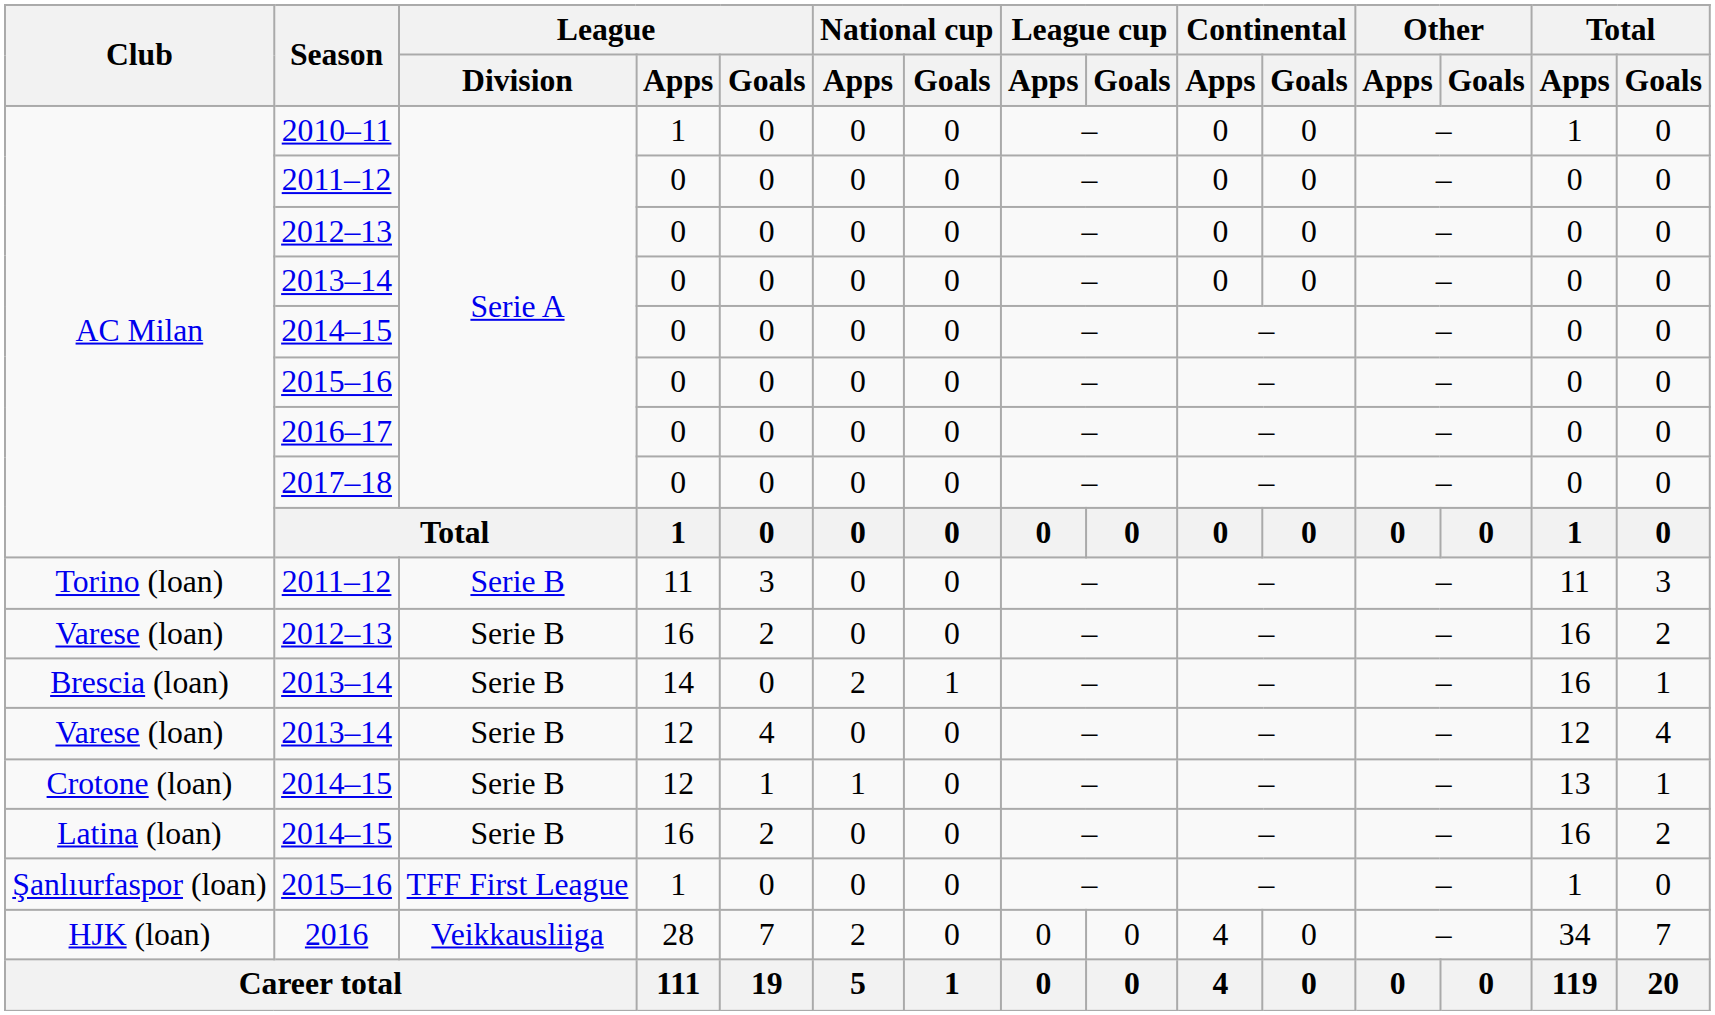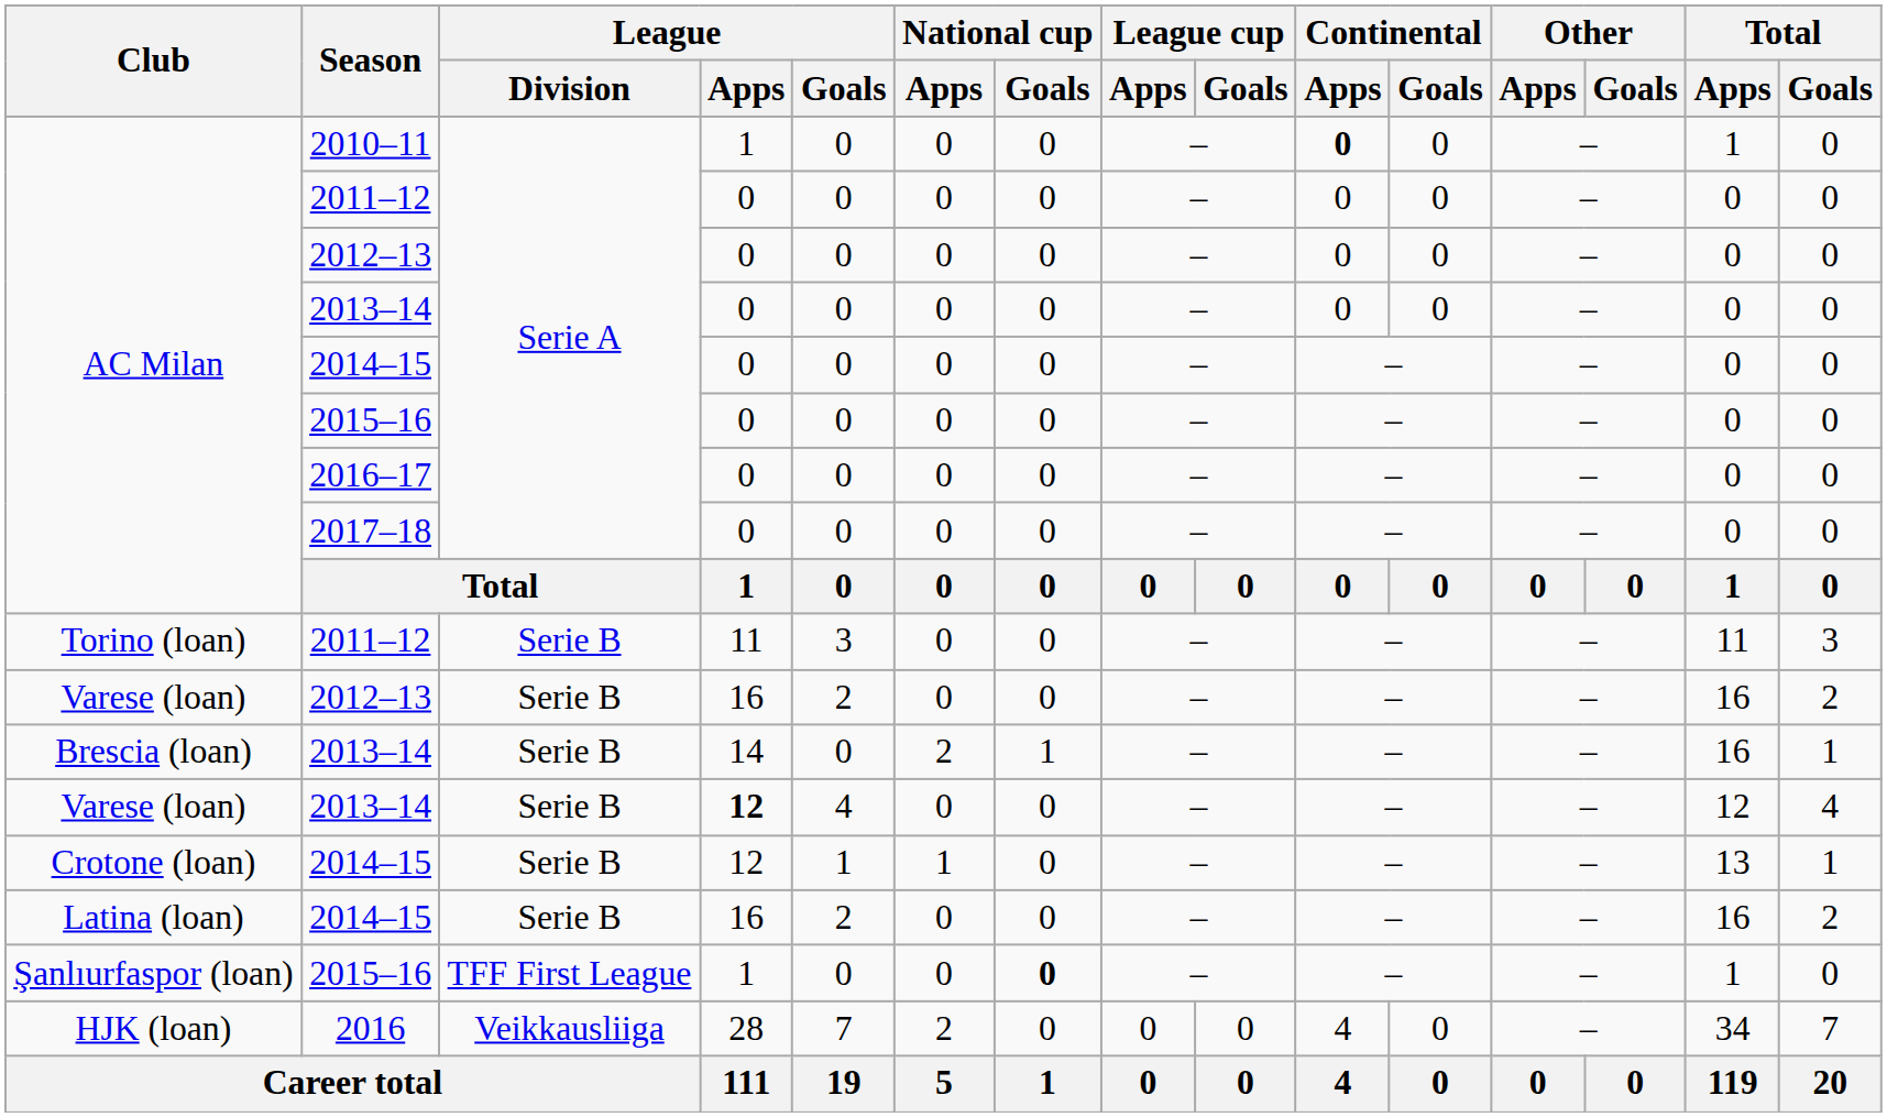 <table class="wikitable" style="text-align: center;">
 <tr>
 <th rowspan="2">Club</th>
 <th rowspan="2">Season</th>
 <th colspan="3">League</th>
 <th colspan="2">National cup</th>
 <th colspan="2">League cup</th>
 <th colspan="2">Continental</th>
 <th colspan="2">Other</th>
 <th colspan="2">Total</th>
 </tr>
 <tr>
 <th>Division</th>
 <th>Apps</th>
 <th>Goals</th>
 <th>Apps</th>
 <th>Goals</th>
 <th>Apps</th>
 <th>Goals</th>
 <th>Apps</th>
 <th>Goals</th>
 <th>Apps</th>
 <th>Goals</th>
 <th>Apps</th>
 <th>Goals</th>
 </tr>
 <tr>
 <td rowspan="9"><a href='#'>AC Milan</a></td>
 <td><a href='#'>2010–11</a></td>
 <td rowspan="8"><a href='#'>Serie A</a></td>
 <td>1</td>
 <td>0</td>
 <td>0</td>
 <td>0</td>
 <td colspan="2">–</td>
-<td>0</td>
+<td><strong>0</strong></td>
 <td>0</td>
 <td colspan="2">–</td>
 <td>1</td>
 <td>0</td>
 </tr>
 <tr>
 <td><a href='#'>2011–12</a></td>
 <td>0</td>
 <td>0</td>
 <td>0</td>
 <td>0</td>
 <td colspan="2">–</td>
 <td>0</td>
 <td>0</td>
 <td colspan="2">–</td>
 <td>0</td>
 <td>0</td>
 </tr>
 <tr>
 <td><a href='#'>2012–13</a></td>
 <td>0</td>
 <td>0</td>
 <td>0</td>
 <td>0</td>
 <td colspan="2">–</td>
 <td>0</td>
 <td>0</td>
 <td colspan="2">–</td>
 <td>0</td>
 <td>0</td>
 </tr>
 <tr>
 <td><a href='#'>2013–14</a></td>
 <td>0</td>
 <td>0</td>
 <td>0</td>
 <td>0</td>
 <td colspan="2">–</td>
 <td>0</td>
 <td>0</td>
 <td colspan="2">–</td>
 <td>0</td>
 <td>0</td>
 </tr>
 <tr>
 <td><a href='#'>2014–15</a></td>
 <td>0</td>
 <td>0</td>
 <td>0</td>
 <td>0</td>
 <td colspan="2">–</td>
 <td colspan="2">–</td>
 <td colspan="2">–</td>
 <td>0</td>
 <td>0</td>
 </tr>
 <tr>
 <td><a href='#'>2015–16</a></td>
 <td>0</td>
 <td>0</td>
 <td>0</td>
 <td>0</td>
 <td colspan="2">–</td>
 <td colspan="2">–</td>
 <td colspan="2">–</td>
 <td>0</td>
 <td>0</td>
 </tr>
 <tr>
 <td><a href='#'>2016–17</a></td>
 <td>0</td>
 <td>0</td>
 <td>0</td>
 <td>0</td>
 <td colspan="2">–</td>
 <td colspan="2">–</td>
 <td colspan="2">–</td>
 <td>0</td>
 <td>0</td>
 </tr>
 <tr>
 <td><a href='#'>2017–18</a></td>
 <td>0</td>
 <td>0</td>
 <td>0</td>
 <td>0</td>
 <td colspan="2">–</td>
 <td colspan="2">–</td>
 <td colspan="2">–</td>
 <td>0</td>
 <td>0</td>
 </tr>
 <tr>
 <th colspan="2">Total</th>
 <th>1</th>
 <th>0</th>
 <th>0</th>
 <th>0</th>
 <th>0</th>
 <th>0</th>
 <th>0</th>
 <th>0</th>
 <th>0</th>
 <th>0</th>
 <th>1</th>
 <th>0</th>
 </tr>
 <tr>
 <td><a href='#'>Torino</a> (loan)</td>
 <td><a href='#'>2011–12</a></td>
 <td><a href='#'>Serie B</a></td>
 <td>11</td>
 <td>3</td>
 <td>0</td>
 <td>0</td>
 <td colspan="2">–</td>
 <td colspan="2">–</td>
 <td colspan="2">–</td>
 <td>11</td>
 <td>3</td>
 </tr>
 <tr>
 <td><a href='#'>Varese</a> (loan)</td>
 <td><a href='#'>2012–13</a></td>
 <td>Serie B</td>
 <td>16</td>
 <td>2</td>
 <td>0</td>
 <td>0</td>
 <td colspan="2">–</td>
 <td colspan="2">–</td>
 <td colspan="2">–</td>
 <td>16</td>
 <td>2</td>
 </tr>
 <tr>
 <td><a href='#'>Brescia</a> (loan)</td>
 <td><a href='#'>2013–14</a></td>
 <td>Serie B</td>
 <td>14</td>
 <td>0</td>
 <td>2</td>
 <td>1</td>
 <td colspan="2">–</td>
 <td colspan="2">–</td>
 <td colspan="2">–</td>
 <td>16</td>
 <td>1</td>
 </tr>
 <tr>
 <td><a href='#'>Varese</a> (loan)</td>
 <td><a href='#'>2013–14</a></td>
 <td>Serie B</td>
-<td>12</td>
+<td><strong>12</strong></td>
 <td>4</td>
 <td>0</td>
 <td>0</td>
 <td colspan="2">–</td>
 <td colspan="2">–</td>
 <td colspan="2">–</td>
 <td>12</td>
 <td>4</td>
 </tr>
 <tr>
 <td><a href='#'>Crotone</a> (loan)</td>
 <td><a href='#'>2014–15</a></td>
 <td>Serie B</td>
 <td>12</td>
 <td>1</td>
 <td>1</td>
 <td>0</td>
 <td colspan="2">–</td>
 <td colspan="2">–</td>
 <td colspan="2">–</td>
 <td>13</td>
 <td>1</td>
 </tr>
 <tr>
 <td><a href='#'>Latina</a> (loan)</td>
 <td><a href='#'>2014–15</a></td>
 <td>Serie B</td>
 <td>16</td>
 <td>2</td>
 <td>0</td>
 <td>0</td>
 <td colspan="2">–</td>
 <td colspan="2">–</td>
 <td colspan="2">–</td>
 <td>16</td>
 <td>2</td>
 </tr>
 <tr>
 <td><a href='#'>Şanlıurfaspor</a> (loan)</td>
 <td><a href='#'>2015–16</a></td>
 <td><a href='#'>TFF First League</a></td>
 <td>1</td>
 <td>0</td>
 <td>0</td>
-<td>0</td>
+<td><strong>0</strong></td>
 <td colspan="2">–</td>
 <td colspan="2">–</td>
 <td colspan="2">–</td>
 <td>1</td>
 <td>0</td>
 </tr>
 <tr>
 <td><a href='#'>HJK</a> (loan)</td>
 <td><a href='#'>2016</a></td>
 <td><a href='#'>Veikkausliiga</a></td>
 <td>28</td>
 <td>7</td>
 <td>2</td>
 <td>0</td>
 <td>0</td>
 <td>0</td>
 <td>4</td>
 <td>0</td>
 <td colspan="2">–</td>
 <td>34</td>
 <td>7</td>
 </tr>
 <tr>
 <th colspan="3">Career total</th>
 <th>111</th>
 <th>19</th>
 <th>5</th>
 <th>1</th>
 <th>0</th>
 <th>0</th>
 <th>4</th>
 <th>0</th>
 <th>0</th>
 <th>0</th>
 <th>119</th>
 <th>20</th>
 </tr>
 </table>
